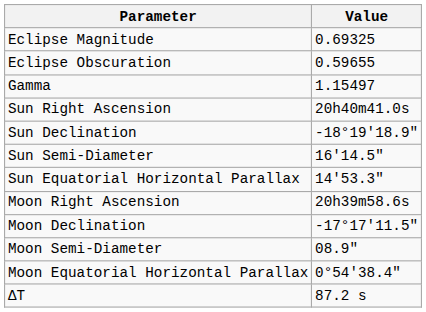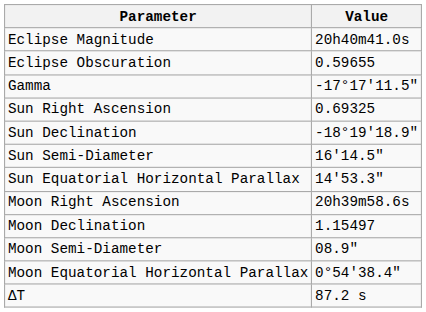 <table class="wikitable">
 <tr>
 <th>Parameter</th>
 <th>Value</th>
 </tr>
 <tr>
 <td>Eclipse Magnitude</td>
-<td>0.69325</td>
+<td>20h40m41.0s</td>
 </tr>
 <tr>
 <td>Eclipse Obscuration</td>
 <td>0.59655</td>
 </tr>
 <tr>
 <td>Gamma</td>
-<td>1.15497</td>
+<td>-17°17'11.5"</td>
 </tr>
 <tr>
 <td>Sun Right Ascension</td>
-<td>20h40m41.0s</td>
+<td>0.69325</td>
 </tr>
 <tr>
 <td>Sun Declination</td>
 <td>-18°19'18.9"</td>
 </tr>
 <tr>
 <td>Sun Semi-Diameter</td>
 <td>16'14.5"</td>
 </tr>
 <tr>
 <td>Sun Equatorial Horizontal Parallax</td>
 <td>14'53.3"</td>
 </tr>
 <tr>
 <td>Moon Right Ascension</td>
 <td>20h39m58.6s</td>
 </tr>
 <tr>
 <td>Moon Declination</td>
-<td>-17°17'11.5"</td>
+<td>1.15497</td>
 </tr>
 <tr>
 <td>Moon Semi-Diameter</td>
 <td>08.9"</td>
 </tr>
 <tr>
 <td>Moon Equatorial Horizontal Parallax</td>
 <td>0°54'38.4"</td>
 </tr>
 <tr>
 <td>ΔT</td>
 <td>87.2 s</td>
 </tr>
 </table>
